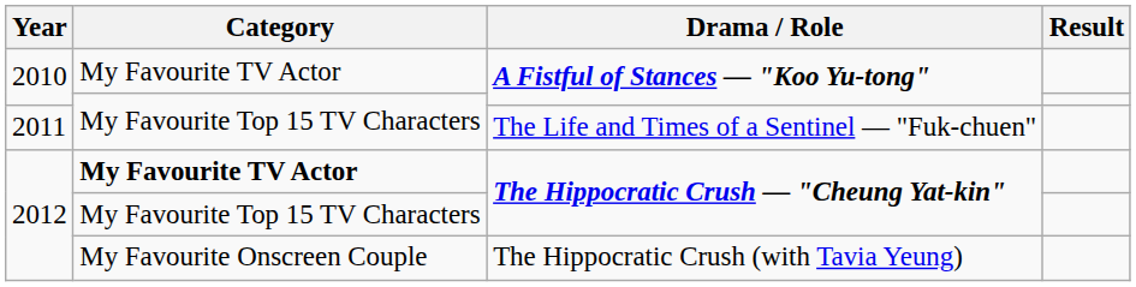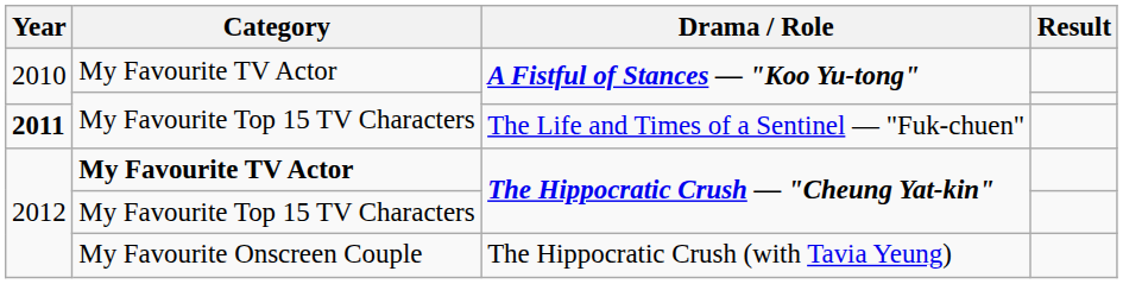 <table class="wikitable sortable">
 <tr>
 <th>Year</th>
 <th>Category</th>
 <th>Drama / Role</th>
 <th>Result</th>
 </tr>
 <tr>
 <td rowspan="2">2010</td>
 <td>My Favourite TV Actor</td>
 <td rowspan="2"><strong><em><a href='#'>A Fistful of Stances</a><em> — "Koo Yu-tong"<strong></td>
 <td></td>
 </tr>
 <tr>
 <td rowspan="2"></strong> My Favourite Top 15 TV Characters <strong></td>
 <td></td>
 </tr>
 <tr>
-<td>2011</td>
+<td><strong>2011</strong></td>
 <td></em></strong><a href='#'>The Life and Times of a Sentinel</a></em> — "Fuk-chuen"</strong></td>
 <td></td>
 </tr>
 <tr>
 <td rowspan="3">2012</td>
 <td><strong> My Favourite TV Actor </strong></td>
 <td rowspan="2"><strong><em><a href='#'>The Hippocratic Crush</a><em> — "Cheung Yat-kin"<strong></td>
 <td></td>
 </tr>
 <tr>
 <td></strong> My Favourite Top 15 TV Characters <strong></td>
 <td></td>
 </tr>
 <tr>
 <td></strong> My Favourite Onscreen Couple <strong></td>
 <td></em></strong>The Hippocratic Crush</em> (with <a href='#'>Tavia Yeung</a>) </strong></td>
 <td></td>
 </tr>
 </table>
